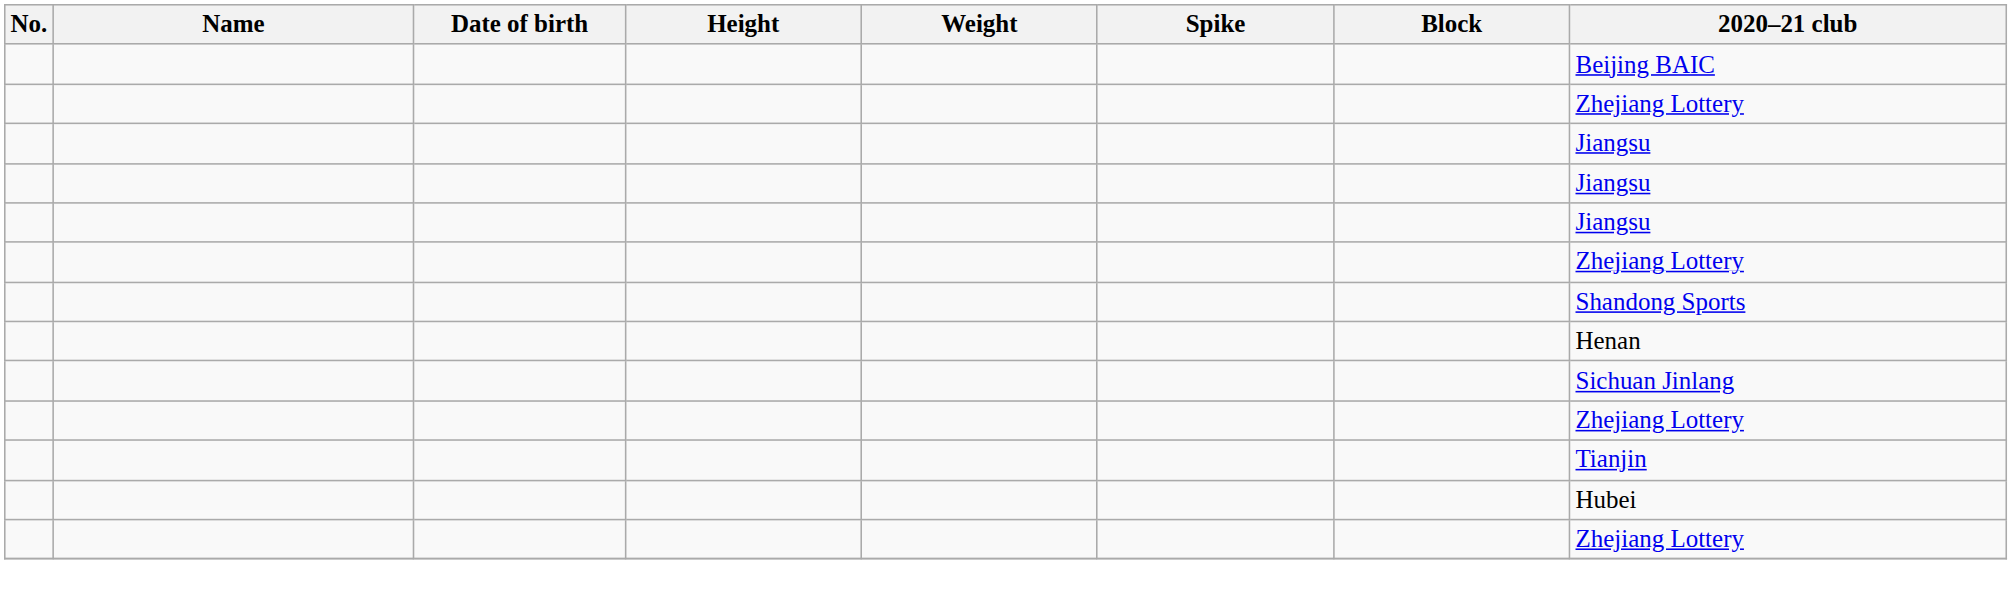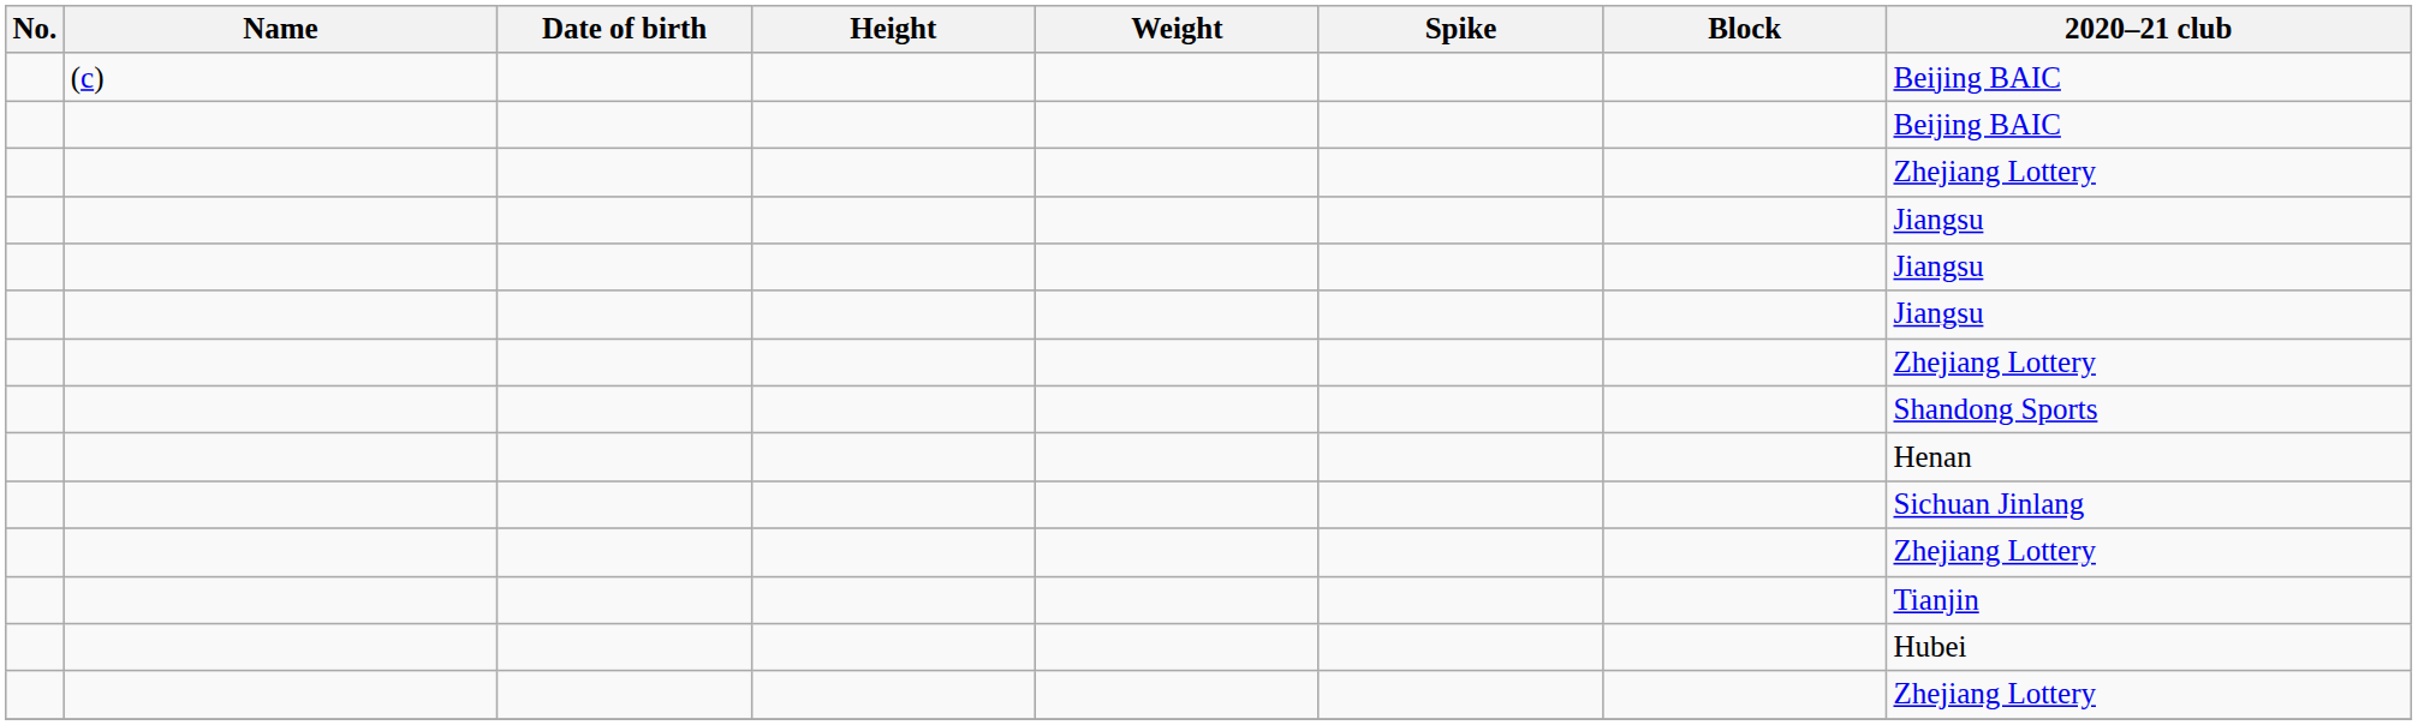 <table class="wikitable sortable" style="font-size:100%; text-align:center;">
 <tr>
 <th>No.</th>
 <th style="width:14em">Name</th>
 <th style="width:8em">Date of birth</th>
 <th style="width:9em">Height</th>
 <th style="width:9em">Weight</th>
 <th style="width:9em">Spike</th>
 <th style="width:9em">Block</th>
 <th style="width:17em">2020–21 club</th>
+</tr>
+<tr>
+<td></td>
+<td style="text-align:left;"> (<a href='#'>c</a>)</td>
+<td style="text-align:right;"></td>
+<td></td>
+<td></td>
+<td></td>
+<td></td>
+<td style="text-align:left;"> <a href='#'>Beijing BAIC</a></td>
 </tr>
 <tr>
 <td></td>
 <td style="text-align:left;"></td>
 <td style="text-align:right;"></td>
 <td></td>
 <td></td>
 <td></td>
 <td></td>
 <td style="text-align:left;"> <a href='#'>Beijing BAIC</a></td>
 </tr>
 <tr>
 <td></td>
 <td style="text-align:left;"></td>
 <td style="text-align:right;"></td>
 <td></td>
 <td></td>
 <td></td>
 <td></td>
 <td style="text-align:left;"> <a href='#'>Zhejiang Lottery</a></td>
 </tr>
 <tr>
 <td></td>
 <td style="text-align:left;"></td>
 <td style="text-align:right;"></td>
 <td></td>
 <td></td>
 <td></td>
 <td></td>
 <td style="text-align:left;"> <a href='#'>Jiangsu</a></td>
 </tr>
 <tr>
 <td></td>
 <td style="text-align:left;"></td>
 <td style="text-align:right;"></td>
 <td></td>
 <td></td>
 <td></td>
 <td></td>
 <td style="text-align:left;"> <a href='#'>Jiangsu</a></td>
 </tr>
 <tr>
 <td></td>
 <td style="text-align:left;"></td>
 <td style="text-align:right;"></td>
 <td></td>
 <td></td>
 <td></td>
 <td></td>
 <td style="text-align:left;"> <a href='#'>Jiangsu</a></td>
 </tr>
 <tr>
 <td></td>
 <td style="text-align:left;"></td>
 <td style="text-align:right;"></td>
 <td></td>
 <td></td>
 <td></td>
 <td></td>
 <td style="text-align:left;"> <a href='#'>Zhejiang Lottery</a></td>
 </tr>
 <tr>
 <td></td>
 <td style="text-align:left;"></td>
 <td style="text-align:right;"></td>
 <td></td>
 <td></td>
 <td></td>
 <td></td>
 <td style="text-align:left;"> <a href='#'>Shandong Sports</a></td>
 </tr>
 <tr>
 <td></td>
 <td style="text-align:left;"></td>
 <td style="text-align:right;"></td>
 <td></td>
 <td></td>
 <td></td>
 <td></td>
 <td style="text-align:left;"> Henan</td>
 </tr>
 <tr>
 <td></td>
 <td style="text-align:left;"></td>
 <td style="text-align:right;"></td>
 <td></td>
 <td></td>
 <td></td>
 <td></td>
 <td style="text-align:left;"> <a href='#'>Sichuan Jinlang</a></td>
 </tr>
 <tr>
 <td></td>
 <td style="text-align:left;"></td>
 <td style="text-align:right;"></td>
 <td></td>
 <td></td>
 <td></td>
 <td></td>
 <td style="text-align:left;"> <a href='#'>Zhejiang Lottery</a></td>
 </tr>
 <tr>
 <td></td>
 <td style="text-align:left;"></td>
 <td style="text-align:right;"></td>
 <td></td>
 <td></td>
 <td></td>
 <td></td>
 <td style="text-align:left;"> <a href='#'>Tianjin</a></td>
 </tr>
 <tr>
 <td></td>
 <td style="text-align:left;"></td>
 <td style="text-align:right;"></td>
 <td></td>
 <td></td>
 <td></td>
 <td></td>
 <td style="text-align:left;"> Hubei</td>
 </tr>
 <tr>
 <td></td>
 <td style="text-align:left;"></td>
 <td style="text-align:right;"></td>
 <td></td>
 <td></td>
 <td></td>
 <td></td>
 <td style="text-align:left;"> <a href='#'>Zhejiang Lottery</a></td>
 </tr>
 <tr>
 </tr>
 </table>
